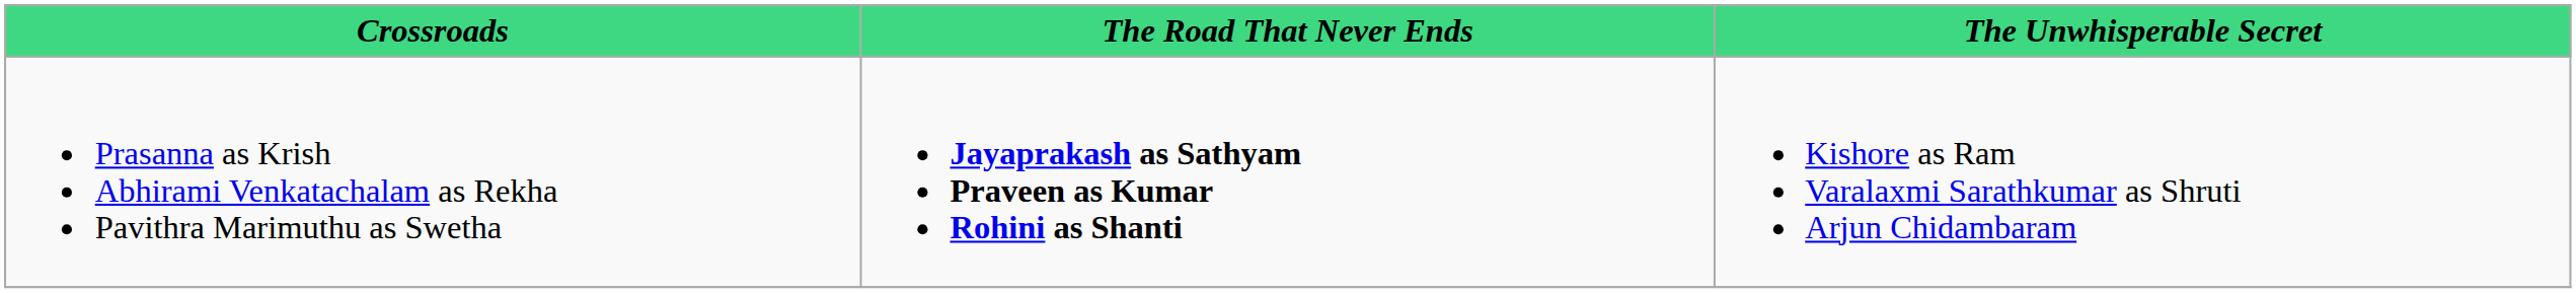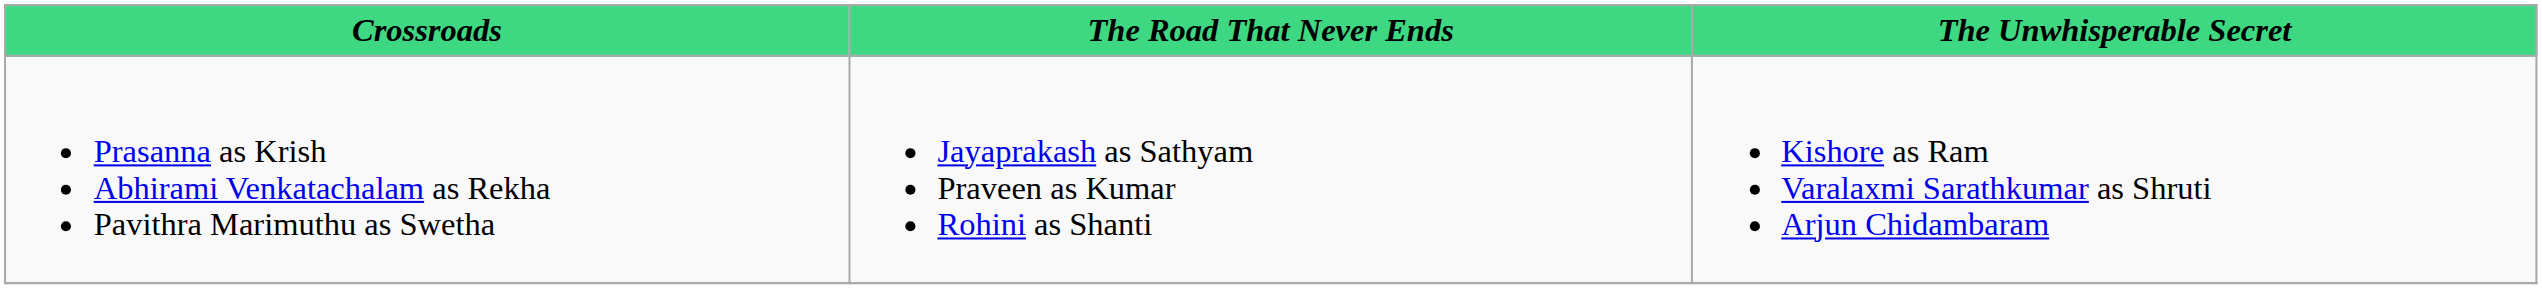 <table class=wikitable>
 <tr>
 <th style="background:#3ED882; width:20%"><em>Crossroads</em></th>
 <th style="background:#3ED882; width:20%"><em>The Road That Never Ends</em></th>
 <th style="background:#3ED882; width:20%"><em>The Unwhisperable Secret</em></th>
 </tr>
 <tr>
 <td valign="top"><br><ul><li><a href='#'>Prasanna</a> as Krish</li><li><a href='#'>Abhirami Venkatachalam</a> as Rekha</li><li>Pavithra Marimuthu as Swetha</li></ul></td>
-<td valign="top"><strong><br><ul><li><a href='#'>Jayaprakash</a> as Sathyam</li><li>Praveen as Kumar</li><li><a href='#'>Rohini</a> as Shanti</li></ul></strong></td>
+<td valign="top"><br><ul><li><a href='#'>Jayaprakash</a> as Sathyam</li><li>Praveen as Kumar</li><li><a href='#'>Rohini</a> as Shanti</li></ul></td>
 <td valign="top"><br><ul><li><a href='#'>Kishore</a> as Ram</li><li><a href='#'>Varalaxmi Sarathkumar</a> as Shruti</li><li><a href='#'>Arjun Chidambaram</a></li></ul></td>
 </tr>
 <tr>
 </tr>
 </table>
